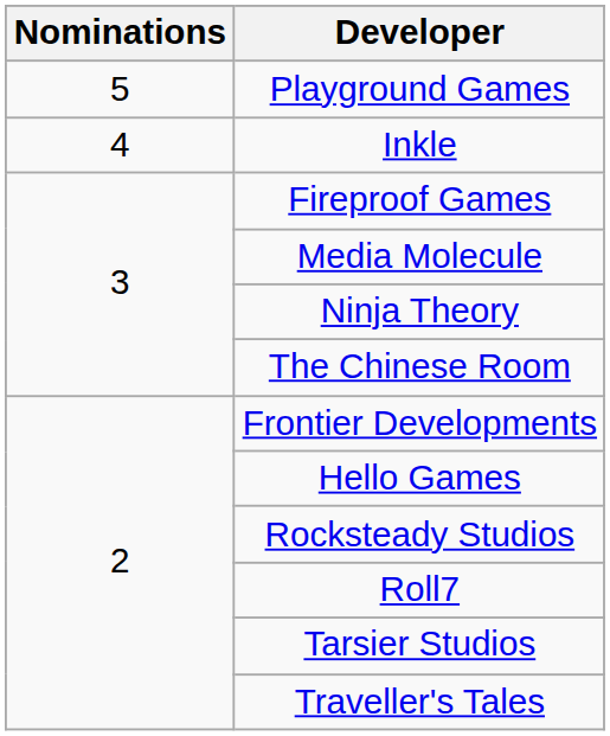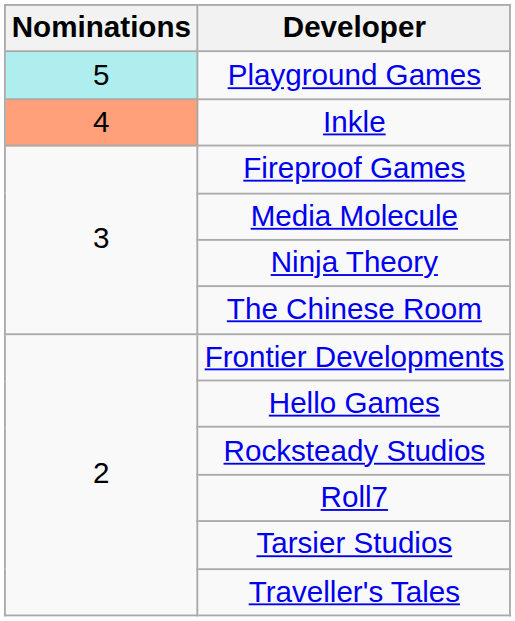 <table class="wikitable" style="text-align:center;">
 <tr>
 <th>Nominations</th>
 <th>Developer</th>
 </tr>
 <tr>
-<td align="center" rowspan="1">5</td>
+<td align="center" rowspan="1" style="background: paleturquoise;">5</td>
 <td><a href='#'>Playground Games</a></td>
 </tr>
 <tr>
-<td align="center" rowspan="1">4</td>
+<td align="center" rowspan="1" style="background: lightsalmon;">4</td>
 <td><a href='#'>Inkle</a></td>
 </tr>
 <tr>
 <td align="center" rowspan="4">3</td>
 <td><a href='#'>Fireproof Games</a></td>
 </tr>
 <tr>
 <td><a href='#'>Media Molecule</a></td>
 </tr>
 <tr>
 <td><a href='#'>Ninja Theory</a></td>
 </tr>
 <tr>
 <td><a href='#'>The Chinese Room</a></td>
 </tr>
 <tr>
 <td align="center" rowspan="6">2</td>
 <td><a href='#'>Frontier Developments</a></td>
 </tr>
 <tr>
 <td><a href='#'>Hello Games</a></td>
 </tr>
 <tr>
 <td><a href='#'>Rocksteady Studios</a></td>
 </tr>
 <tr>
 <td><a href='#'>Roll7</a></td>
 </tr>
 <tr>
 <td><a href='#'>Tarsier Studios</a></td>
 </tr>
 <tr>
 <td><a href='#'>Traveller's Tales</a></td>
 </tr>
 </table>
